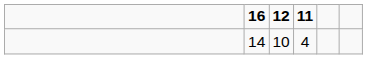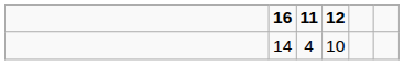 <table class="wikitable">
 <tr>
 <td style="width:15em"></td>
 <td align=center style="width:1em"><strong>16</strong></td>
+<td align=center style="width:1em"><strong>11</strong></td>
 <td align=center style="width:1em"><strong>12</strong></td>
-<td align=center style="width:1em"><strong>11</strong></td>
 <td align=center style="width:1em"></td>
 <td align=center style="width:1em"></td>
 </tr>
 <tr>
 <td style="width:15em"></td>
 <td align=center style="width:1em">14</td>
+<td align=center style="width:1em">4</td>
 <td align=center style="width:1em">10</td>
-<td align=center style="width:1em">4</td>
 <td align=center style="width:1em"></td>
 <td align=center style="width:1em"></td>
 </tr>
 </table>
